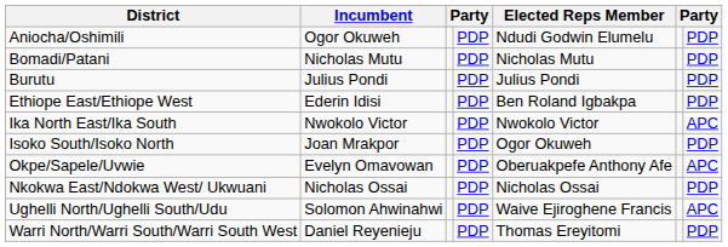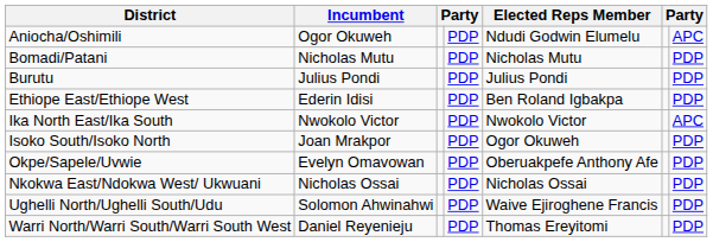 <table class="sortable wikitable" style="font-size:95%;line-height:14px;">
 <tr>
 <th class="unsortable">District</th>
 <th class="unsortable"><a href='#'>Incumbent</a></th>
 <th colspan="2">Party</th>
 <th class="unsortable">Elected Reps Member</th>
 <th colspan="2">Party</th>
 </tr>
 <tr>
 <td>Aniocha/Oshimili</td>
 <td>Ogor Okuweh</td>
 <td style="background-color:"></td>
 <td><a href='#'>PDP</a></td>
 <td>Ndudi Godwin Elumelu</td>
 <td style="background-color:"></td>
-<td><a href='#'>PDP</a></td>
+<td><a href='#'>APC</a></td>
 </tr>
 <tr>
 <td>Bomadi/Patani</td>
 <td>Nicholas Mutu</td>
 <td style="background-color:"></td>
 <td><a href='#'>PDP</a></td>
 <td>Nicholas Mutu</td>
 <td style="background-color:"></td>
 <td><a href='#'>PDP</a></td>
 </tr>
 <tr>
 <td>Burutu</td>
 <td>Julius Pondi</td>
 <td style="background-color:"></td>
 <td><a href='#'>PDP</a></td>
 <td>Julius Pondi</td>
 <td style="background-color:"></td>
 <td><a href='#'>PDP</a></td>
 </tr>
 <tr>
 <td>Ethiope East/Ethiope West</td>
 <td>Ederin Idisi</td>
 <td style="background-color:"></td>
 <td><a href='#'>PDP</a></td>
 <td>Ben Roland Igbakpa</td>
 <td style="background-color:"></td>
 <td><a href='#'>PDP</a></td>
 </tr>
 <tr>
 <td>Ika North East/Ika South</td>
 <td>Nwokolo Victor</td>
 <td style="background-color:"></td>
 <td><a href='#'>PDP</a></td>
 <td>Nwokolo Victor</td>
 <td style="background-color:"></td>
 <td><a href='#'>APC</a></td>
 </tr>
 <tr>
 <td>Isoko South/Isoko North</td>
 <td>Joan Mrakpor</td>
 <td style="background-color:"></td>
 <td><a href='#'>PDP</a></td>
 <td>Ogor Okuweh</td>
 <td style="background-color:"></td>
 <td><a href='#'>PDP</a></td>
 </tr>
 <tr>
 <td>Okpe/Sapele/Uvwie</td>
 <td>Evelyn Omavowan</td>
 <td style="background-color:"></td>
 <td><a href='#'>PDP</a></td>
 <td>Oberuakpefe Anthony Afe</td>
 <td style="background-color:"></td>
-<td><a href='#'>APC</a></td>
+<td><a href='#'>PDP</a></td>
 </tr>
 <tr>
 <td>Nkokwa East/Ndokwa West/ Ukwuani</td>
 <td>Nicholas Ossai</td>
 <td style="background-color:"></td>
 <td><a href='#'>PDP</a></td>
 <td>Nicholas Ossai</td>
 <td style="background-color:"></td>
 <td><a href='#'>PDP</a></td>
 </tr>
 <tr>
 <td>Ughelli North/Ughelli South/Udu</td>
 <td>Solomon Ahwinahwi</td>
 <td style="background-color:"></td>
 <td><a href='#'>PDP</a></td>
 <td>Waive Ejiroghene Francis</td>
 <td style="background:"></td>
-<td><a href='#'>APC</a></td>
+<td><a href='#'>PDP</a></td>
 </tr>
 <tr>
 <td>Warri North/Warri South/Warri South West</td>
 <td>Daniel Reyenieju</td>
 <td style="background-color:"></td>
 <td><a href='#'>PDP</a></td>
 <td>Thomas Ereyitomi</td>
 <td style="background-color:"></td>
 <td><a href='#'>PDP</a></td>
 </tr>
 </table>
